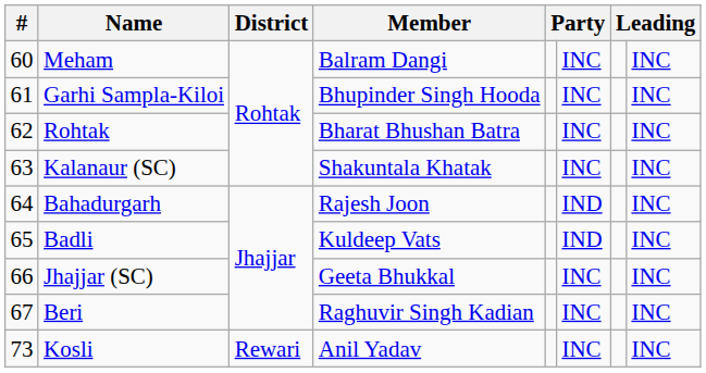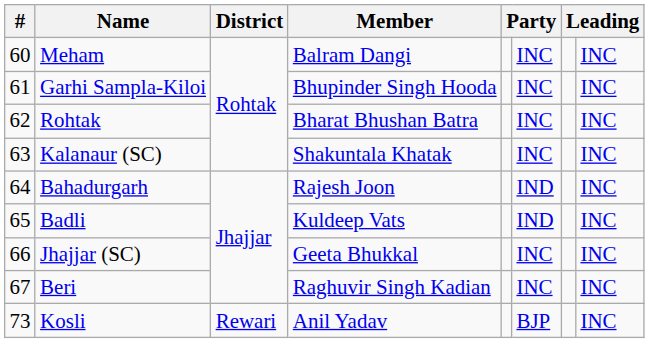 <table class="wikitable">
 <tr>
 <th>#</th>
 <th>Name</th>
 <th>District</th>
 <th>Member</th>
 <th colspan="2">Party</th>
 <th colspan="2">Leading<br></th>
 </tr>
 <tr>
 <td>60</td>
 <td><a href='#'>Meham</a></td>
 <td rowspan="4"><a href='#'>Rohtak</a></td>
 <td><a href='#'>Balram Dangi</a></td>
 <td style="background-color: "></td>
 <td><a href='#'>INC</a></td>
 <td style="background-color: "></td>
 <td><a href='#'>INC</a></td>
 </tr>
 <tr>
 <td>61</td>
 <td><a href='#'>Garhi Sampla-Kiloi</a></td>
 <td><a href='#'>Bhupinder Singh Hooda</a></td>
 <td style="background-color: "></td>
 <td><a href='#'>INC</a></td>
 <td style="background-color: "></td>
 <td><a href='#'>INC</a></td>
 </tr>
 <tr>
 <td>62</td>
 <td><a href='#'>Rohtak</a></td>
 <td><a href='#'>Bharat Bhushan Batra</a></td>
 <td style="background-color: "></td>
 <td><a href='#'>INC</a></td>
 <td style="background-color: "></td>
 <td><a href='#'>INC</a></td>
 </tr>
 <tr>
 <td>63</td>
 <td><a href='#'>Kalanaur</a> (SC)</td>
 <td><a href='#'>Shakuntala Khatak</a></td>
 <td style="background-color: "></td>
 <td><a href='#'>INC</a></td>
 <td style="background-color: "></td>
 <td><a href='#'>INC</a></td>
 </tr>
 <tr>
 <td>64</td>
 <td><a href='#'>Bahadurgarh</a></td>
 <td rowspan="4"><a href='#'>Jhajjar</a></td>
 <td><a href='#'>Rajesh Joon</a></td>
 <td style="background-color: "></td>
 <td><a href='#'>IND</a></td>
 <td style="background-color: "></td>
 <td><a href='#'>INC</a></td>
 </tr>
 <tr>
 <td>65</td>
 <td><a href='#'>Badli</a></td>
 <td><a href='#'>Kuldeep Vats</a></td>
 <td style="background-color: "></td>
 <td><a href='#'>IND</a></td>
 <td style="background-color: "></td>
 <td><a href='#'>INC</a></td>
 </tr>
 <tr>
 <td>66</td>
 <td><a href='#'>Jhajjar</a> (SC)</td>
 <td><a href='#'>Geeta Bhukkal</a></td>
 <td style="background-color: "></td>
 <td><a href='#'>INC</a></td>
 <td style="background-color: "></td>
 <td><a href='#'>INC</a></td>
 </tr>
 <tr>
 <td>67</td>
 <td><a href='#'>Beri</a></td>
 <td><a href='#'>Raghuvir Singh Kadian</a></td>
 <td style="background-color: "></td>
 <td><a href='#'>INC</a></td>
 <td style="background-color: "></td>
 <td><a href='#'>INC</a></td>
 </tr>
 <tr>
 <td>73</td>
 <td><a href='#'>Kosli</a></td>
 <td><a href='#'>Rewari</a></td>
 <td><a href='#'>Anil Yadav</a></td>
 <td style="background-color: "></td>
-<td><a href='#'>INC</a></td>
+<td><a href='#'>BJP</a></td>
 <td style="background-color: "></td>
 <td><a href='#'>INC</a></td>
 </tr>
 </table>
